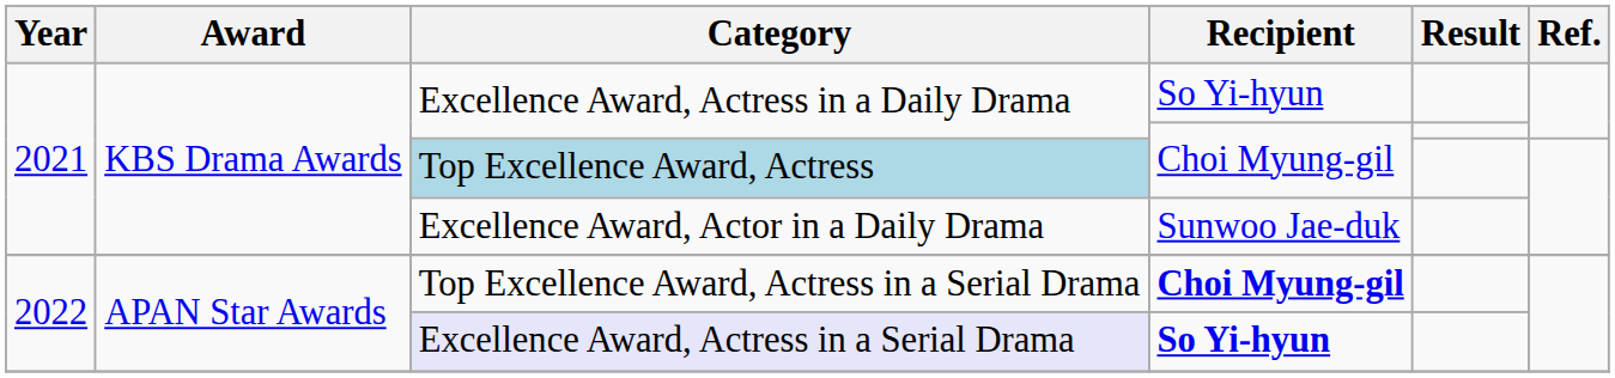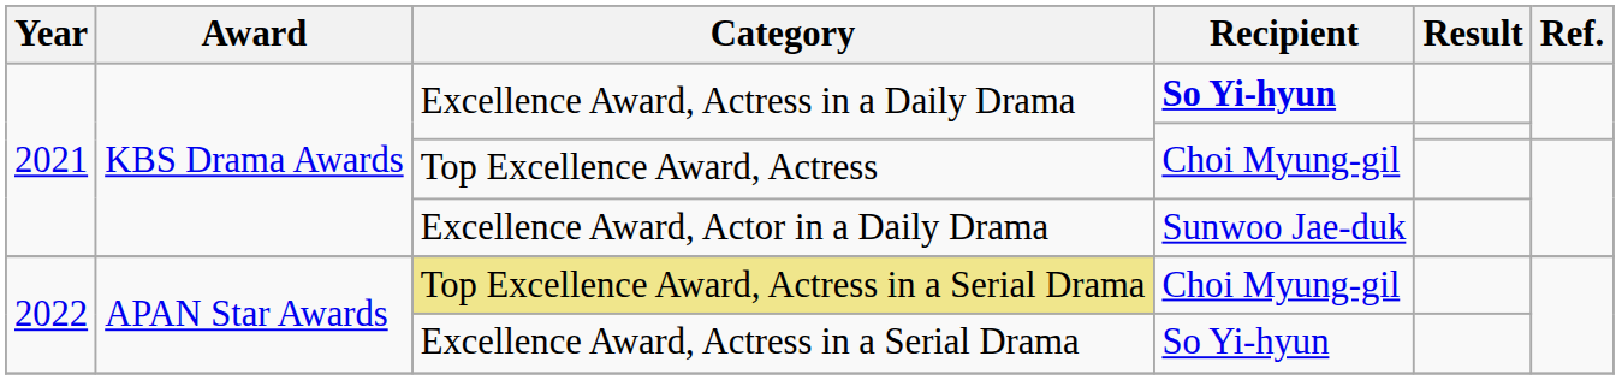 <table class="wikitable sortable">
 <tr>
 <th>Year</th>
 <th>Award</th>
 <th>Category</th>
 <th>Recipient</th>
 <th>Result</th>
 <th>Ref.</th>
 </tr>
 <tr>
 <td rowspan=4><a href='#'>2021</a></td>
 <td rowspan=4><a href='#'>KBS Drama Awards</a></td>
 <td rowspan=2>Excellence Award, Actress in a Daily Drama</td>
-<td><a href='#'>So Yi-hyun</a></td>
+<td><strong><a href='#'>So Yi-hyun</a></strong></td>
 <td></td>
 <td rowspan=2></td>
 </tr>
 <tr>
 <td rowspan="2"><a href='#'>Choi Myung-gil</a></td>
 <td></td>
 </tr>
 <tr>
-<td style="background: lightblue;">Top Excellence Award, Actress</td>
+<td>Top Excellence Award, Actress</td>
 <td></td>
 <td rowspan="2"></td>
 </tr>
 <tr>
 <td>Excellence Award, Actor in a Daily Drama</td>
 <td><a href='#'>Sunwoo Jae-duk</a></td>
 <td></td>
 </tr>
 <tr>
 </tr>
 <tr>
 <td rowspan=2><a href='#'>2022</a></td>
 <td rowspan=2><a href='#'>APAN Star Awards</a></td>
-<td>Top Excellence Award, Actress in a Serial Drama</td>
-<td><strong><a href='#'>Choi Myung-gil</a></strong></td>
+<td style="background: khaki;">Top Excellence Award, Actress in a Serial Drama</td>
+<td><a href='#'>Choi Myung-gil</a></td>
 <td></td>
 <td rowspan="2"></td>
 </tr>
 <tr>
-<td style="background: lavender;">Excellence Award, Actress in a Serial Drama</td>
-<td><strong><a href='#'>So Yi-hyun</a></strong></td>
+<td>Excellence Award, Actress in a Serial Drama</td>
+<td><a href='#'>So Yi-hyun</a></td>
 <td></td>
 </tr>
 <tr>
 </tr>
 </table>
